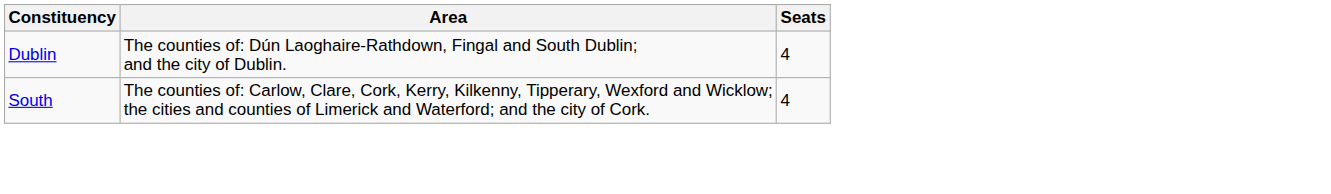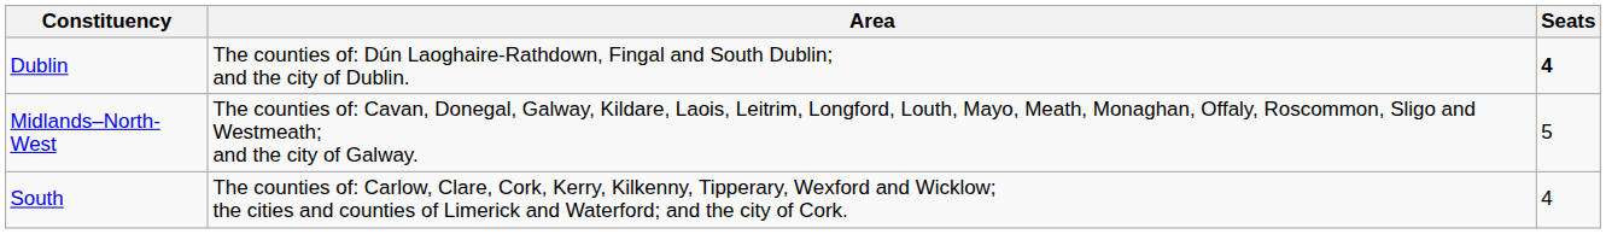 <table class="wikitable">
 <tr>
 <th>Constituency</th>
 <th>Area</th>
 <th>Seats</th>
 </tr>
 <tr>
 <td><a href='#'>Dublin</a></td>
 <td>The counties of: Dún Laoghaire-Rathdown, Fingal and South Dublin;<br>and the city of Dublin.</td>
-<td>4</td>
+<td><strong>4</strong></td>
+</tr>
+<tr>
+<td><a href='#'>Midlands–North-West</a></td>
+<td>The counties of: Cavan, Donegal, Galway, Kildare, Laois, Leitrim, Longford, Louth, Mayo, Meath, Monaghan, Offaly, Roscommon, Sligo and Westmeath;<br>and the city of Galway.</td>
+<td>5</td>
 </tr>
 <tr>
 <td><a href='#'>South</a></td>
 <td>The counties of: Carlow, Clare, Cork, Kerry, Kilkenny, Tipperary, Wexford and Wicklow;<br>the cities and counties of Limerick and Waterford; and the city of Cork.</td>
 <td>4</td>
 </tr>
 </table>
